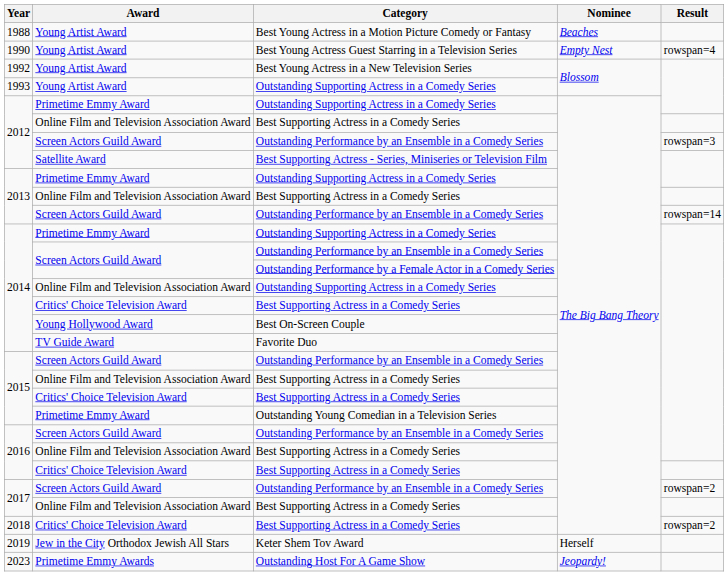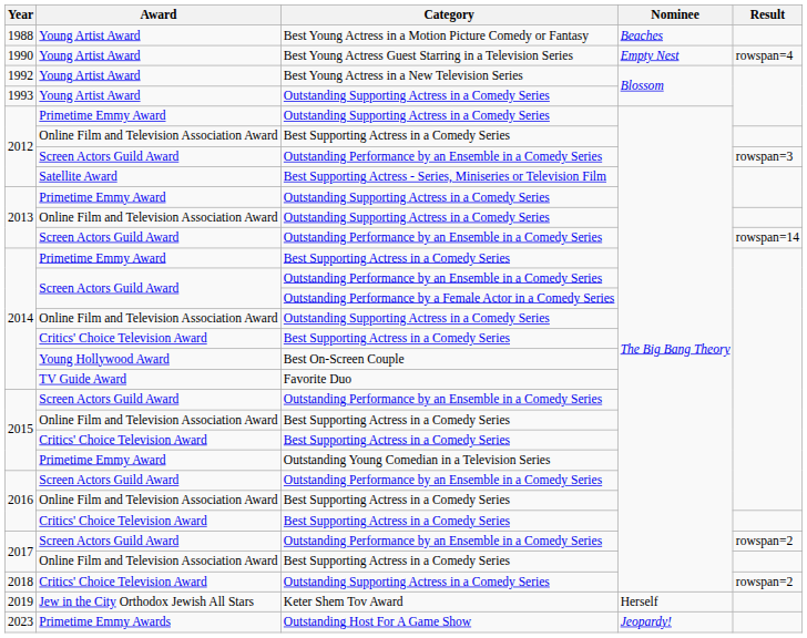 <table class="wikitable">
 <tr>
 <th>Year</th>
 <th>Award</th>
 <th>Category</th>
 <th>Nominee</th>
 <th>Result</th>
 </tr>
 <tr>
 <td>1988</td>
 <td><a href='#'>Young Artist Award</a></td>
 <td>Best Young Actress in a Motion Picture Comedy or Fantasy</td>
 <td><em><a href='#'>Beaches</a></em></td>
 <td></td>
 </tr>
 <tr>
 <td>1990</td>
 <td><a href='#'>Young Artist Award</a></td>
 <td>Best Young Actress Guest Starring in a Television Series</td>
 <td><em><a href='#'>Empty Nest</a></em></td>
 <td>rowspan=4 </td>
 </tr>
 <tr>
 <td>1992</td>
 <td><a href='#'>Young Artist Award</a></td>
 <td>Best Young Actress in a New Television Series</td>
 <td rowspan=2><em><a href='#'>Blossom</a></em></td>
 </tr>
 <tr>
 <td>1993</td>
 <td><a href='#'>Young Artist Award</a></td>
 <td><a href='#'>Outstanding Supporting Actress in a Comedy Series</a></td>
 </tr>
 <tr>
 <td rowspan=4>2012</td>
 <td><a href='#'>Primetime Emmy Award</a></td>
 <td><a href='#'>Outstanding Supporting Actress in a Comedy Series</a></td>
 <td rowspan=24><em><a href='#'>The Big Bang Theory</a></em></td>
 </tr>
 <tr>
 <td>Online Film and Television Association Award</td>
 <td>Best Supporting Actress in a Comedy Series</td>
 <td></td>
 </tr>
 <tr>
 <td><a href='#'>Screen Actors Guild Award</a></td>
 <td><a href='#'>Outstanding Performance by an Ensemble in a Comedy Series</a></td>
 <td>rowspan=3 </td>
 </tr>
 <tr>
 <td><a href='#'>Satellite Award</a></td>
 <td><a href='#'>Best Supporting Actress - Series, Miniseries or Television Film</a></td>
 </tr>
 <tr>
 <td rowspan=3>2013</td>
 <td><a href='#'>Primetime Emmy Award</a></td>
 <td><a href='#'>Outstanding Supporting Actress in a Comedy Series</a></td>
 </tr>
 <tr>
 <td>Online Film and Television Association Award</td>
-<td>Best Supporting Actress in a Comedy Series</td>
+<td><a href='#'>Outstanding Supporting Actress in a Comedy Series</a></td>
 <td></td>
 </tr>
 <tr>
 <td><a href='#'>Screen Actors Guild Award</a></td>
 <td><a href='#'>Outstanding Performance by an Ensemble in a Comedy Series</a></td>
 <td>rowspan=14 </td>
 </tr>
 <tr>
 <td rowspan=7>2014</td>
 <td><a href='#'>Primetime Emmy Award</a></td>
-<td><a href='#'>Outstanding Supporting Actress in a Comedy Series</a></td>
+<td><a href='#'>Best Supporting Actress in a Comedy Series</a></td>
 </tr>
 <tr>
 <td rowspan=2><a href='#'>Screen Actors Guild Award</a></td>
 <td><a href='#'>Outstanding Performance by an Ensemble in a Comedy Series</a></td>
 </tr>
 <tr>
 <td><a href='#'>Outstanding Performance by a Female Actor in a Comedy Series</a></td>
 </tr>
 <tr>
 <td>Online Film and Television Association Award</td>
 <td><a href='#'>Outstanding Supporting Actress in a Comedy Series</a></td>
 </tr>
 <tr>
 <td><a href='#'>Critics' Choice Television Award</a></td>
 <td><a href='#'>Best Supporting Actress in a Comedy Series</a></td>
 </tr>
 <tr>
 <td><a href='#'>Young Hollywood Award</a></td>
 <td>Best On-Screen Couple </td>
 </tr>
 <tr>
 <td><a href='#'>TV Guide Award</a></td>
 <td>Favorite Duo </td>
 </tr>
 <tr>
 <td rowspan=4>2015</td>
 <td><a href='#'>Screen Actors Guild Award</a></td>
 <td><a href='#'>Outstanding Performance by an Ensemble in a Comedy Series</a></td>
 </tr>
 <tr>
 <td>Online Film and Television Association Award</td>
 <td>Best Supporting Actress in a Comedy Series</td>
 </tr>
 <tr>
 <td><a href='#'>Critics' Choice Television Award</a></td>
 <td><a href='#'>Best Supporting Actress in a Comedy Series</a></td>
 </tr>
 <tr>
 <td><a href='#'>Primetime Emmy Award</a></td>
 <td>Outstanding Young Comedian in a Television Series</td>
 </tr>
 <tr>
 <td rowspan=3>2016</td>
 <td><a href='#'>Screen Actors Guild Award</a></td>
 <td><a href='#'>Outstanding Performance by an Ensemble in a Comedy Series</a></td>
 </tr>
 <tr>
 <td>Online Film and Television Association Award</td>
 <td>Best Supporting Actress in a Comedy Series</td>
 </tr>
 <tr>
 <td><a href='#'>Critics' Choice Television Award</a></td>
 <td><a href='#'>Best Supporting Actress in a Comedy Series</a></td>
 <td></td>
 </tr>
 <tr>
 <td rowspan=2>2017</td>
 <td><a href='#'>Screen Actors Guild Award</a></td>
 <td><a href='#'>Outstanding Performance by an Ensemble in a Comedy Series</a></td>
 <td>rowspan=2 </td>
 </tr>
 <tr>
 <td>Online Film and Television Association Award</td>
 <td>Best Supporting Actress in a Comedy Series</td>
 </tr>
 <tr>
 <td>2018</td>
 <td><a href='#'>Critics' Choice Television Award</a></td>
-<td><a href='#'>Best Supporting Actress in a Comedy Series</a></td>
+<td><a href='#'>Outstanding Supporting Actress in a Comedy Series</a></td>
 <td>rowspan=2 </td>
 </tr>
 <tr>
 <td>2019</td>
 <td><a href='#'>Jew in the City</a> Orthodox Jewish All Stars</td>
 <td>Keter Shem Tov Award</td>
 <td>Herself</td>
 </tr>
 <tr>
 <td>2023</td>
 <td><a href='#'>Primetime Emmy Awards</a></td>
 <td><a href='#'>Outstanding Host For A Game Show</a></td>
 <td><em><a href='#'>Jeopardy!</a></em></td>
 <td></td>
 </tr>
 </table>
